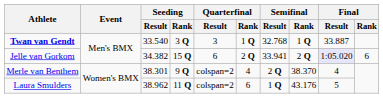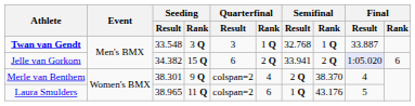 <table class="wikitable" style="font-size:90%">
 <tr>
 <th rowspan="2">Athlete</th>
 <th rowspan="2">Event</th>
 <th colspan="2">Seeding</th>
 <th colspan="2">Quarterfinal</th>
 <th colspan="2">Semifinal</th>
 <th colspan="2">Final</th>
 </tr>
 <tr style="font-size:95%">
 <th>Result</th>
 <th>Rank</th>
 <th>Result</th>
 <th>Rank</th>
 <th>Result</th>
 <th>Rank</th>
 <th>Result</th>
 <th>Rank</th>
 </tr>
 <tr align=center>
 <td><strong><a href='#'>Twan van Gendt</a></strong></td>
 <td rowspan=2>Men's BMX</td>
-<td>33.540</td>
+<td>33.548</td>
 <td>3 <strong>Q</strong></td>
 <td>3</td>
 <td>1 <strong>Q</strong></td>
 <td>32.768</td>
 <td>1 <strong>Q</strong></td>
 <td>33.887</td>
 <td></td>
 </tr>
 <tr align=center>
 <td><a href='#'>Jelle van Gorkom</a></td>
 <td>34.382</td>
 <td>15 <strong>Q</strong></td>
 <td>6</td>
 <td>2 <strong>Q</strong></td>
 <td>33.941</td>
 <td>2 <strong>Q</strong></td>
 <td style="background: lavender;">1:05.020</td>
 <td>6</td>
 </tr>
 <tr align=center>
 <td><a href='#'>Merle van Benthem</a></td>
 <td rowspan=2>Women's BMX</td>
 <td>38.301</td>
 <td>9 <strong>Q</strong></td>
 <td>colspan=2 </td>
 <td>4</td>
 <td>2 <strong>Q</strong></td>
 <td>38.370</td>
 <td>4</td>
 </tr>
 <tr align=center>
 <td><a href='#'>Laura Smulders</a></td>
-<td>38.962</td>
+<td>38.965</td>
 <td>11 <strong>Q</strong></td>
 <td>colspan=2 </td>
 <td>6</td>
 <td>1 <strong>Q</strong></td>
 <td>43.176</td>
 <td>5</td>
 </tr>
 </table>
